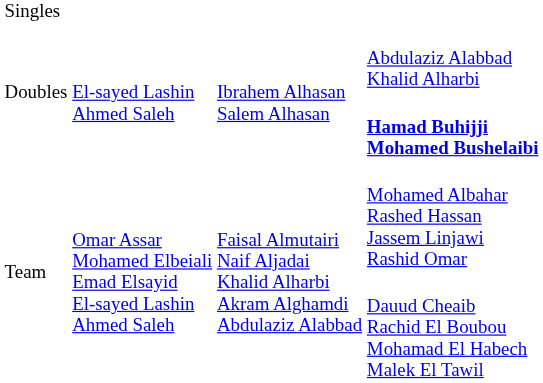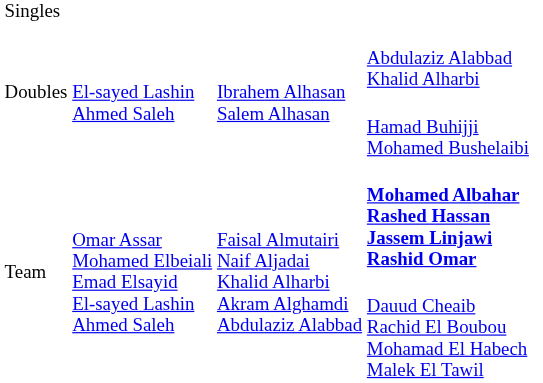 <table>
 <tr>
 <td rowspan=2>Singles</td>
 <td rowspan=2></td>
 <td rowspan=2></td>
 <td></td>
 </tr>
 <tr>
 <td></td>
 </tr>
 <tr>
 <td rowspan=2>Doubles</td>
 <td rowspan=2><br><a href='#'>El-sayed Lashin</a><br><a href='#'>Ahmed Saleh</a></td>
 <td rowspan=2><br><a href='#'>Ibrahem Alhasan</a><br><a href='#'>Salem Alhasan</a></td>
 <td><br><a href='#'>Abdulaziz Alabbad</a><br><a href='#'>Khalid Alharbi</a></td>
 </tr>
 <tr>
-<td><strong><br><a href='#'>Hamad Buhijji</a><br><a href='#'>Mohamed Bushelaibi</a></strong></td>
+<td><br><a href='#'>Hamad Buhijji</a><br><a href='#'>Mohamed Bushelaibi</a></td>
 </tr>
 <tr>
 <td rowspan=2>Team</td>
 <td rowspan=2><br><a href='#'>Omar Assar</a><br><a href='#'>Mohamed Elbeiali</a><br><a href='#'>Emad Elsayid</a><br><a href='#'>El-sayed Lashin</a><br><a href='#'>Ahmed Saleh</a></td>
 <td rowspan=2><br><a href='#'>Faisal Almutairi</a><br><a href='#'>Naif Aljadai</a><br><a href='#'>Khalid Alharbi</a><br><a href='#'>Akram Alghamdi</a><br><a href='#'>Abdulaziz Alabbad</a></td>
-<td><br><a href='#'>Mohamed Albahar</a><br><a href='#'>Rashed Hassan</a><br><a href='#'>Jassem Linjawi</a><br><a href='#'>Rashid Omar</a></td>
+<td><strong><br><a href='#'>Mohamed Albahar</a><br><a href='#'>Rashed Hassan</a><br><a href='#'>Jassem Linjawi</a><br><a href='#'>Rashid Omar</a></strong></td>
 </tr>
 <tr>
 <td><br><a href='#'>Dauud Cheaib</a><br><a href='#'>Rachid El Boubou</a><br><a href='#'>Mohamad El Habech</a><br><a href='#'>Malek El Tawil</a></td>
 </tr>
 </table>
